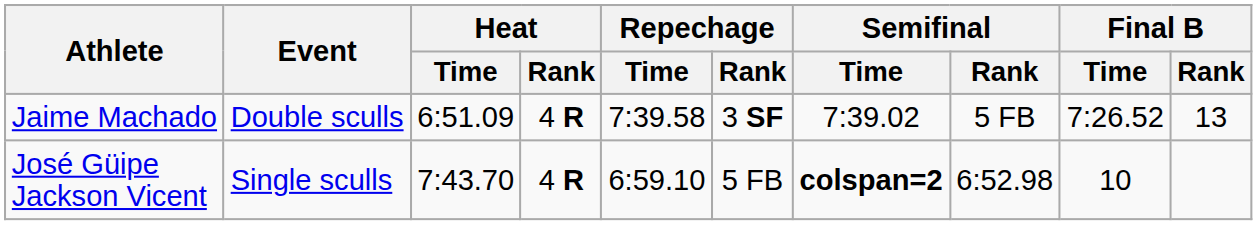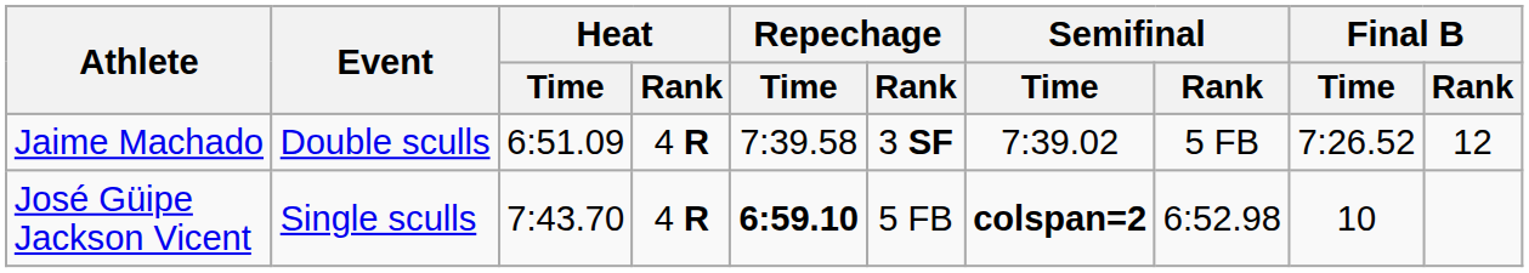 <table class=wikitable style=font-size:90%;text-align:center>
 <tr>
 <th rowspan=2>Athlete</th>
 <th rowspan=2>Event</th>
 <th colspan=2>Heat</th>
 <th colspan=2>Repechage</th>
 <th colspan=2>Semifinal</th>
 <th colspan=2>Final B</th>
 </tr>
 <tr style=font-size:95%>
 <th>Time</th>
 <th>Rank</th>
 <th>Time</th>
 <th>Rank</th>
 <th>Time</th>
 <th>Rank</th>
 <th>Time</th>
 <th>Rank</th>
 </tr>
 <tr>
 <td align=left><a href='#'>Jaime Machado</a></td>
 <td align=left><a href='#'>Double sculls</a></td>
 <td>6:51.09</td>
 <td>4 <strong>R</strong></td>
 <td>7:39.58</td>
 <td>3 <strong>SF</strong></td>
 <td>7:39.02</td>
 <td>5 FB</td>
 <td>7:26.52</td>
-<td>13</td>
+<td>12</td>
 </tr>
 <tr>
 <td align=left><a href='#'>José Güipe</a><br><a href='#'>Jackson Vicent</a></td>
 <td align=left><a href='#'>Single sculls</a></td>
 <td>7:43.70</td>
 <td>4 <strong>R</strong></td>
-<td>6:59.10</td>
+<td><strong>6:59.10</strong></td>
 <td>5 FB</td>
 <td><strong>colspan=2 </strong></td>
 <td>6:52.98</td>
 <td>10</td>
 </tr>
 </table>
